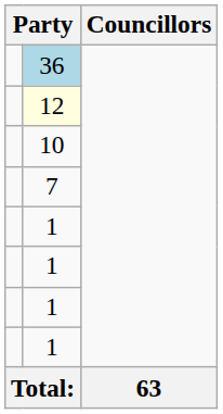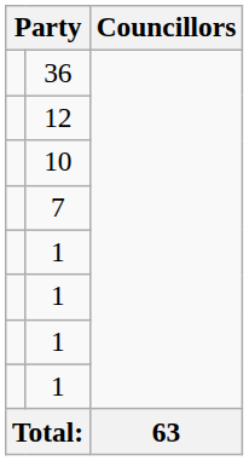 <table class="wikitable">
 <tr>
 <th colspan="2">Party</th>
 <th>Councillors</th>
 </tr>
 <tr>
 <td></td>
-<td align=center style="background: lightblue;">36</td>
+<td align=center>36</td>
 </tr>
 <tr>
 <td></td>
-<td align=center style="background: lightyellow;">12</td>
+<td align=center>12</td>
 </tr>
 <tr>
 <td></td>
 <td align=center>10</td>
 </tr>
 <tr>
 <td></td>
 <td align=center>7</td>
 </tr>
 <tr>
 <td></td>
 <td align=center>1</td>
 </tr>
 <tr>
 <td></td>
 <td align=center>1</td>
 </tr>
 <tr>
 <td></td>
 <td align=center>1</td>
 </tr>
 <tr>
 <td></td>
 <td align=center>1</td>
 </tr>
 <tr>
 <th colspan="2">Total:</th>
 <th>63</th>
 </tr>
 </table>
